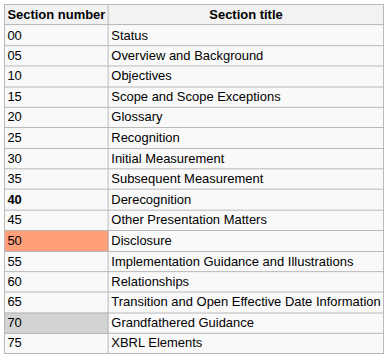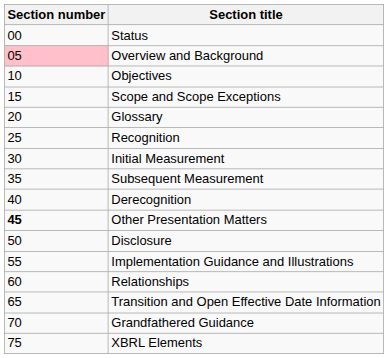 <table class="wikitable">
 <tr>
 <th>Section number</th>
 <th>Section title</th>
 </tr>
 <tr>
 <td>00</td>
 <td>Status</td>
 </tr>
 <tr>
-<td>05</td>
+<td style="background: pink;">05</td>
 <td>Overview and Background</td>
 </tr>
 <tr>
 <td>10</td>
 <td>Objectives</td>
 </tr>
 <tr>
 <td>15</td>
 <td>Scope and Scope Exceptions</td>
 </tr>
 <tr>
 <td>20</td>
 <td>Glossary</td>
 </tr>
 <tr>
 <td>25</td>
 <td>Recognition</td>
 </tr>
 <tr>
 <td>30</td>
 <td>Initial Measurement</td>
 </tr>
 <tr>
 <td>35</td>
 <td>Subsequent Measurement</td>
 </tr>
 <tr>
-<td><strong>40</strong></td>
+<td>40</td>
 <td>Derecognition</td>
 </tr>
 <tr>
-<td>45</td>
+<td><strong>45</strong></td>
 <td>Other Presentation Matters</td>
 </tr>
 <tr>
-<td style="background: lightsalmon;">50</td>
+<td>50</td>
 <td>Disclosure</td>
 </tr>
 <tr>
 <td>55</td>
 <td>Implementation Guidance and Illustrations</td>
 </tr>
 <tr>
 <td>60</td>
 <td>Relationships</td>
 </tr>
 <tr>
 <td>65</td>
 <td>Transition and Open Effective Date Information</td>
 </tr>
 <tr>
-<td style="background: lightgrey;">70</td>
+<td>70</td>
 <td>Grandfathered Guidance</td>
 </tr>
 <tr>
 <td>75</td>
 <td>XBRL Elements</td>
 </tr>
 </table>
